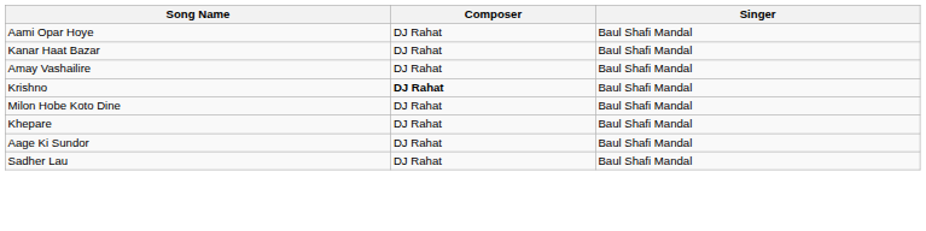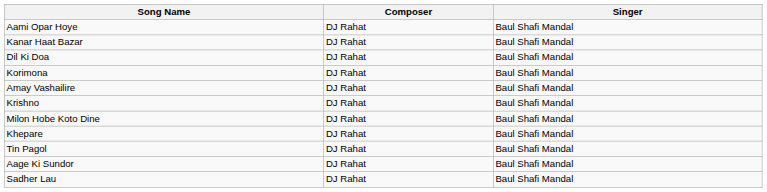 <table class="wikitable sortable collapsible" style="width: 100%;">
 <tr>
 <th style="*background:d0e5f5;">Song Name</th>
 <th style="*background:d0e5f5;">Composer</th>
 <th style="*background:d0e5f5;">Singer</th>
 </tr>
 <tr>
 <td>Aami Opar Hoye</td>
 <td>DJ Rahat</td>
 <td>Baul Shafi Mandal</td>
 </tr>
 <tr>
 <td>Kanar Haat Bazar</td>
 <td>DJ Rahat</td>
 <td>Baul Shafi Mandal</td>
 </tr>
 <tr>
+<td>Dil Ki Doa</td>
+<td>DJ Rahat</td>
+<td>Baul Shafi Mandal</td>
+</tr>
+<tr>
+<td>Korimona</td>
+<td>DJ Rahat</td>
+<td>Baul Shafi Mandal</td>
+</tr>
+<tr>
 <td>Amay Vashailire</td>
 <td>DJ Rahat</td>
 <td>Baul Shafi Mandal</td>
 </tr>
 <tr>
 <td>Krishno</td>
-<td><strong>DJ Rahat</strong></td>
+<td>DJ Rahat</td>
 <td>Baul Shafi Mandal</td>
 </tr>
 <tr>
 <td>Milon Hobe Koto Dine</td>
 <td>DJ Rahat</td>
 <td>Baul Shafi Mandal</td>
 </tr>
 <tr>
 <td>Khepare</td>
+<td>DJ Rahat</td>
+<td>Baul Shafi Mandal</td>
+</tr>
+<tr>
+<td>Tin Pagol</td>
 <td>DJ Rahat</td>
 <td>Baul Shafi Mandal</td>
 </tr>
 <tr>
 <td>Aage Ki Sundor</td>
 <td>DJ Rahat</td>
 <td>Baul Shafi Mandal</td>
 </tr>
 <tr>
 <td>Sadher Lau</td>
 <td>DJ Rahat</td>
 <td>Baul Shafi Mandal</td>
 </tr>
 </table>
